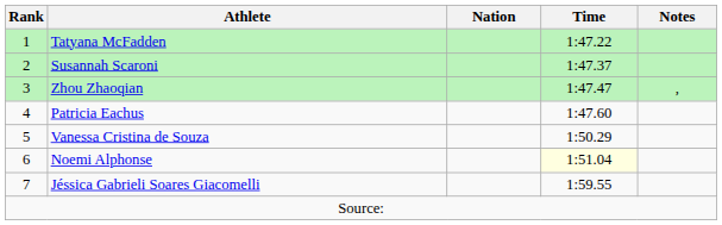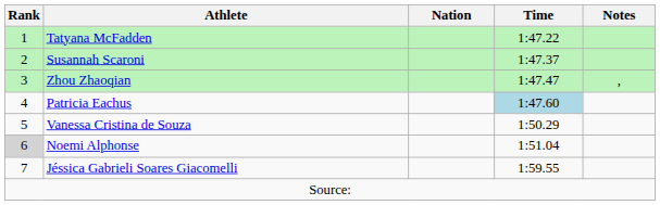 <table class="wikitable sortable" style="text-align:center;width: 60%;">
 <tr>
 <th scope="col" style="width: 10px;">Rank</th>
 <th scope="col">Athlete</th>
 <th scope="col">Nation</th>
 <th scope="col">Time</th>
 <th scope="col">Notes</th>
 </tr>
 <tr bgcolor=bbf3bb>
 <td>1</td>
 <td align=left><a href='#'>Tatyana McFadden</a></td>
 <td align=left></td>
 <td>1:47.22</td>
 <td></td>
 </tr>
 <tr bgcolor=bbf3bb>
 <td>2</td>
 <td align=left><a href='#'>Susannah Scaroni</a></td>
 <td align=left></td>
 <td>1:47.37</td>
 <td></td>
 </tr>
 <tr bgcolor=bbf3bb>
 <td>3</td>
 <td align=left><a href='#'>Zhou Zhaoqian</a></td>
 <td align=left></td>
 <td>1:47.47</td>
 <td>, </td>
 </tr>
 <tr>
 <td>4</td>
 <td align=left><a href='#'>Patricia Eachus</a></td>
 <td align=left></td>
-<td>1:47.60</td>
+<td style="background: lightblue;">1:47.60</td>
 <td></td>
 </tr>
 <tr>
 <td>5</td>
 <td align=left><a href='#'>Vanessa Cristina de Souza</a></td>
 <td align=left></td>
 <td>1:50.29</td>
 <td></td>
 </tr>
 <tr>
-<td>6</td>
+<td style="background: lightgrey;">6</td>
 <td align=left><a href='#'>Noemi Alphonse</a></td>
 <td align=left></td>
-<td style="background: lightyellow;">1:51.04</td>
+<td>1:51.04</td>
 <td></td>
 </tr>
 <tr>
 <td>7</td>
 <td align=left><a href='#'>Jéssica Gabrieli Soares Giacomelli</a></td>
 <td align=left></td>
 <td>1:59.55</td>
 <td></td>
 </tr>
 <tr class="sortbottom">
 <td colspan="5">Source:</td>
 </tr>
 </table>
